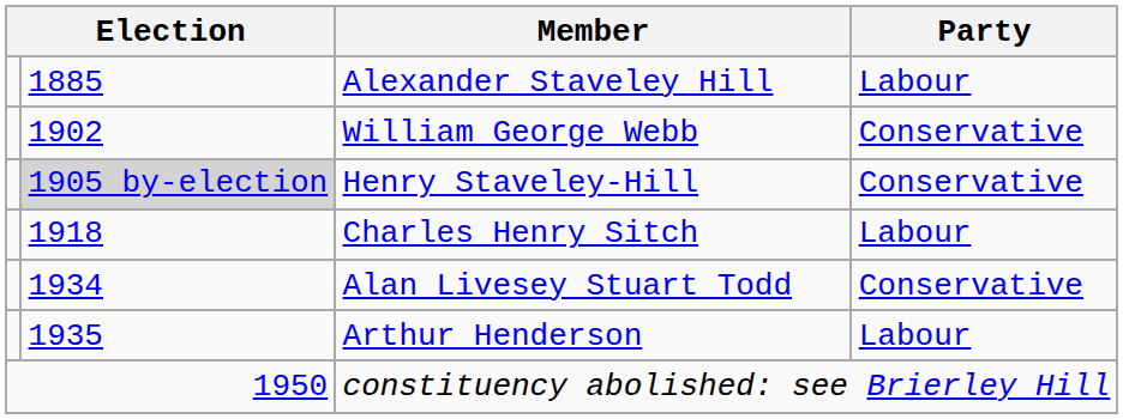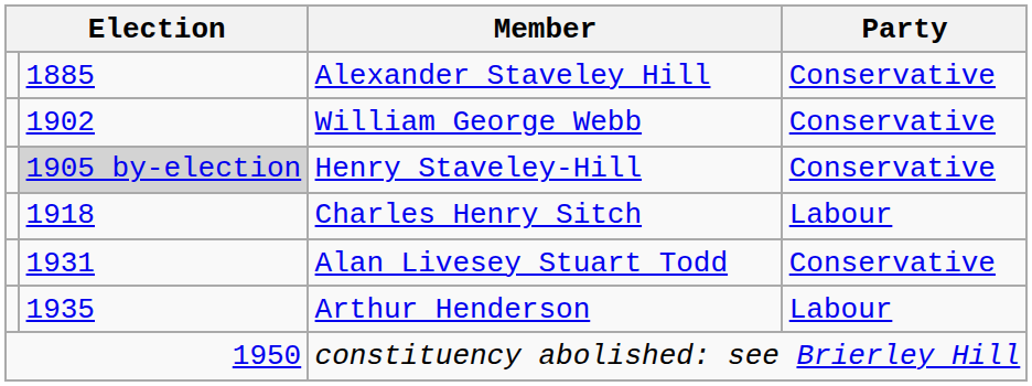 <table class="wikitable">
 <tr>
 <th colspan="2">Election</th>
 <th>Member</th>
 <th>Party</th>
 </tr>
 <tr>
 <td style="background-color: "></td>
 <td><a href='#'>1885</a></td>
 <td><a href='#'>Alexander Staveley Hill</a></td>
-<td><a href='#'>Labour</a></td>
+<td><a href='#'>Conservative</a></td>
 </tr>
 <tr>
 <td style="background-color: "></td>
 <td><a href='#'>1902</a></td>
 <td><a href='#'>William George Webb</a></td>
 <td><a href='#'>Conservative</a></td>
 </tr>
 <tr>
 <td style="background-color: "></td>
 <td style="background: lightgrey;"><a href='#'>1905 by-election</a></td>
 <td><a href='#'>Henry Staveley-Hill</a></td>
 <td><a href='#'>Conservative</a></td>
 </tr>
 <tr>
 <td style="background-color: "></td>
 <td><a href='#'>1918</a></td>
 <td><a href='#'>Charles Henry Sitch</a></td>
 <td><a href='#'>Labour</a></td>
 </tr>
 <tr>
 <td style="background-color: "></td>
-<td><a href='#'>1934</a></td>
+<td><a href='#'>1931</a></td>
 <td><a href='#'>Alan Livesey Stuart Todd</a></td>
 <td><a href='#'>Conservative</a></td>
 </tr>
 <tr>
 <td style="background-color: "></td>
 <td><a href='#'>1935</a></td>
 <td><a href='#'>Arthur Henderson</a></td>
 <td><a href='#'>Labour</a></td>
 </tr>
 <tr>
 <td colspan="2" style="text-align:right;"><a href='#'>1950</a></td>
 <td colspan="2"><em>constituency abolished: see <a href='#'>Brierley Hill</a></em></td>
 </tr>
 </table>
